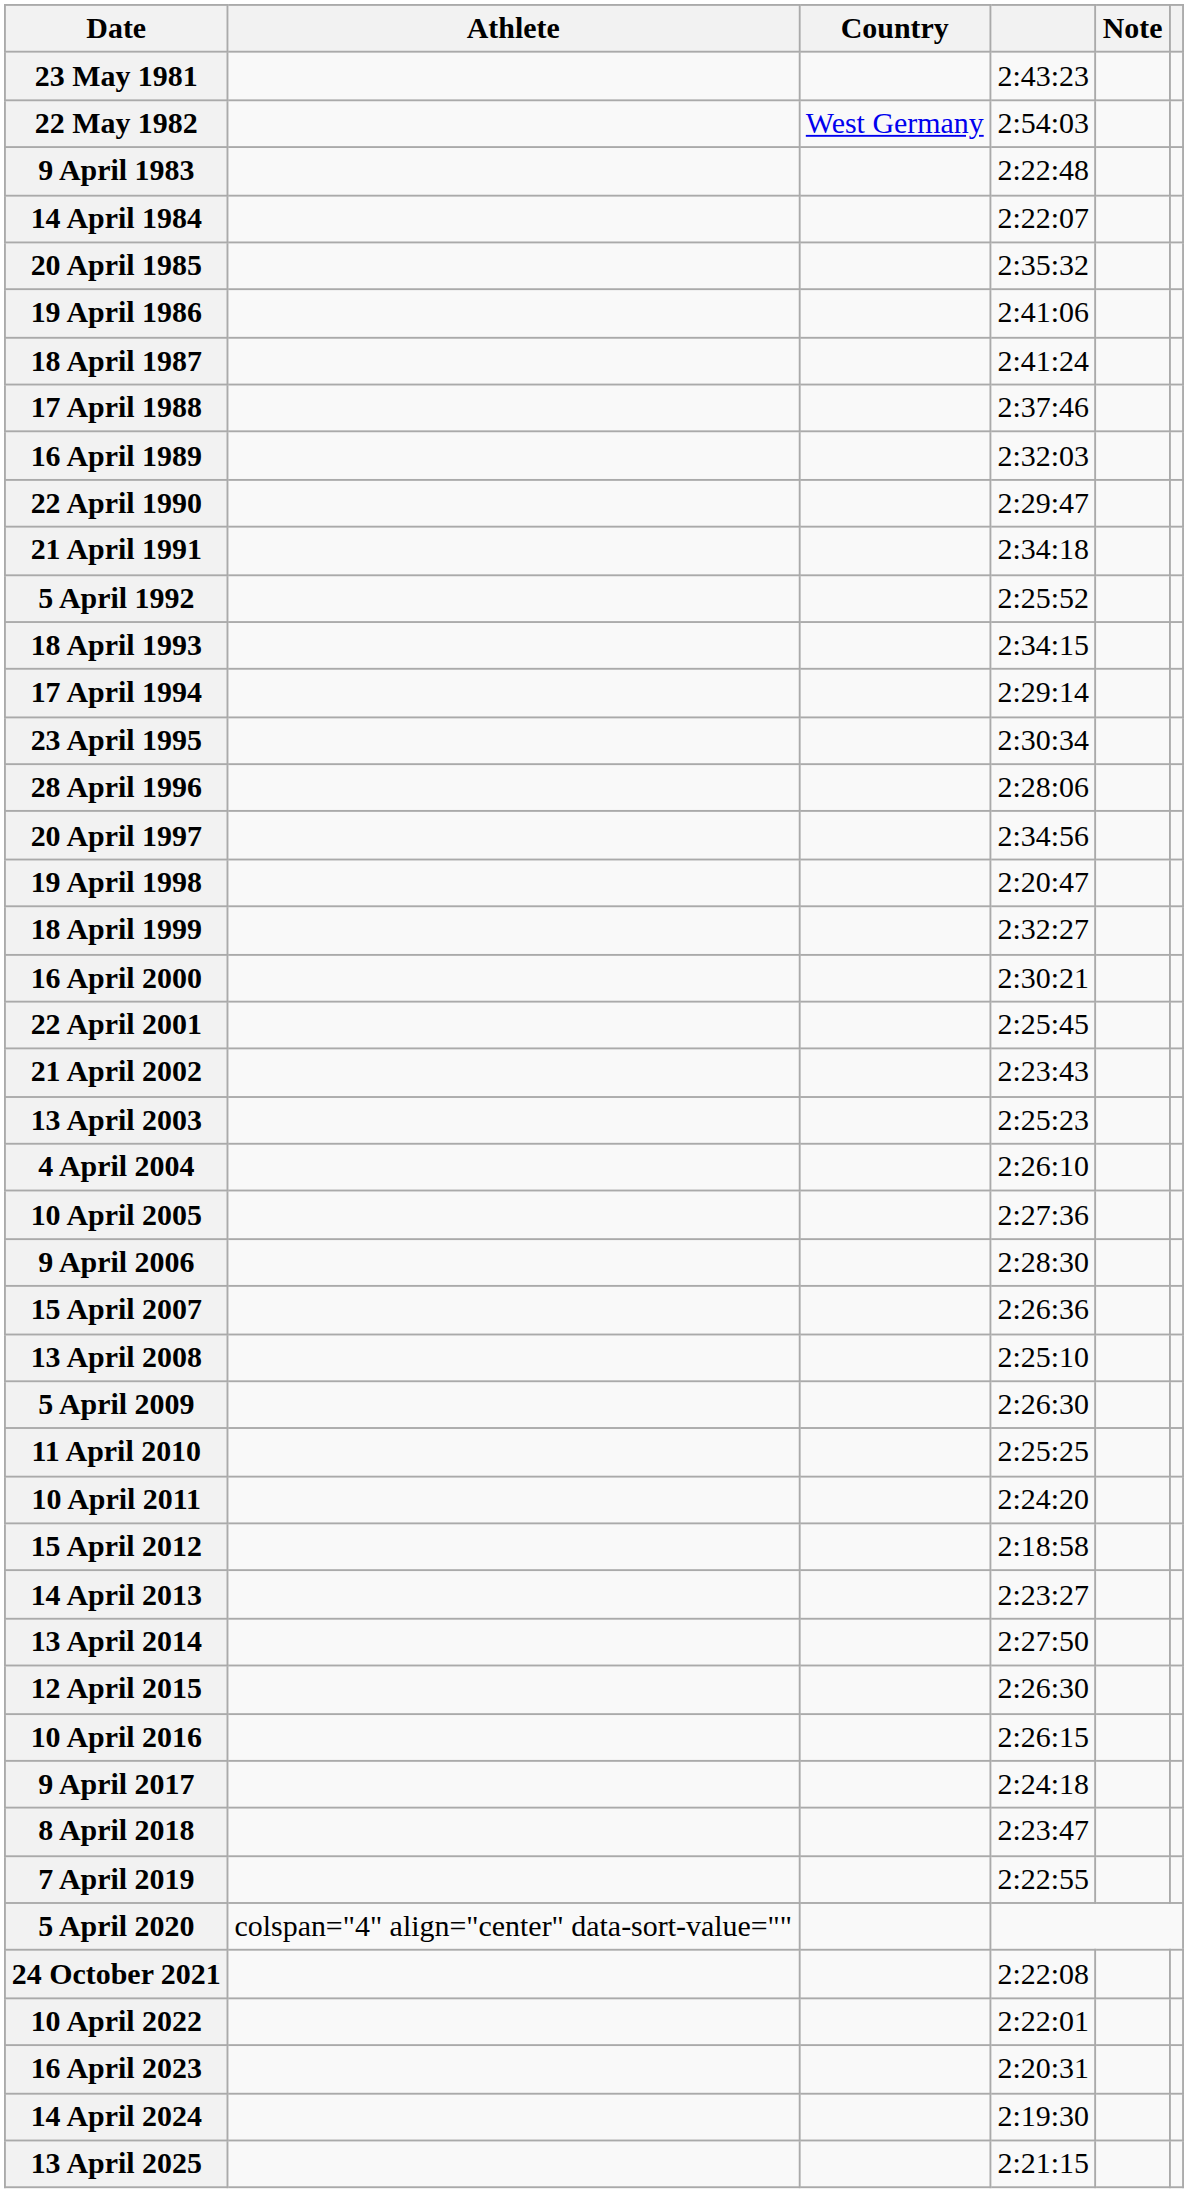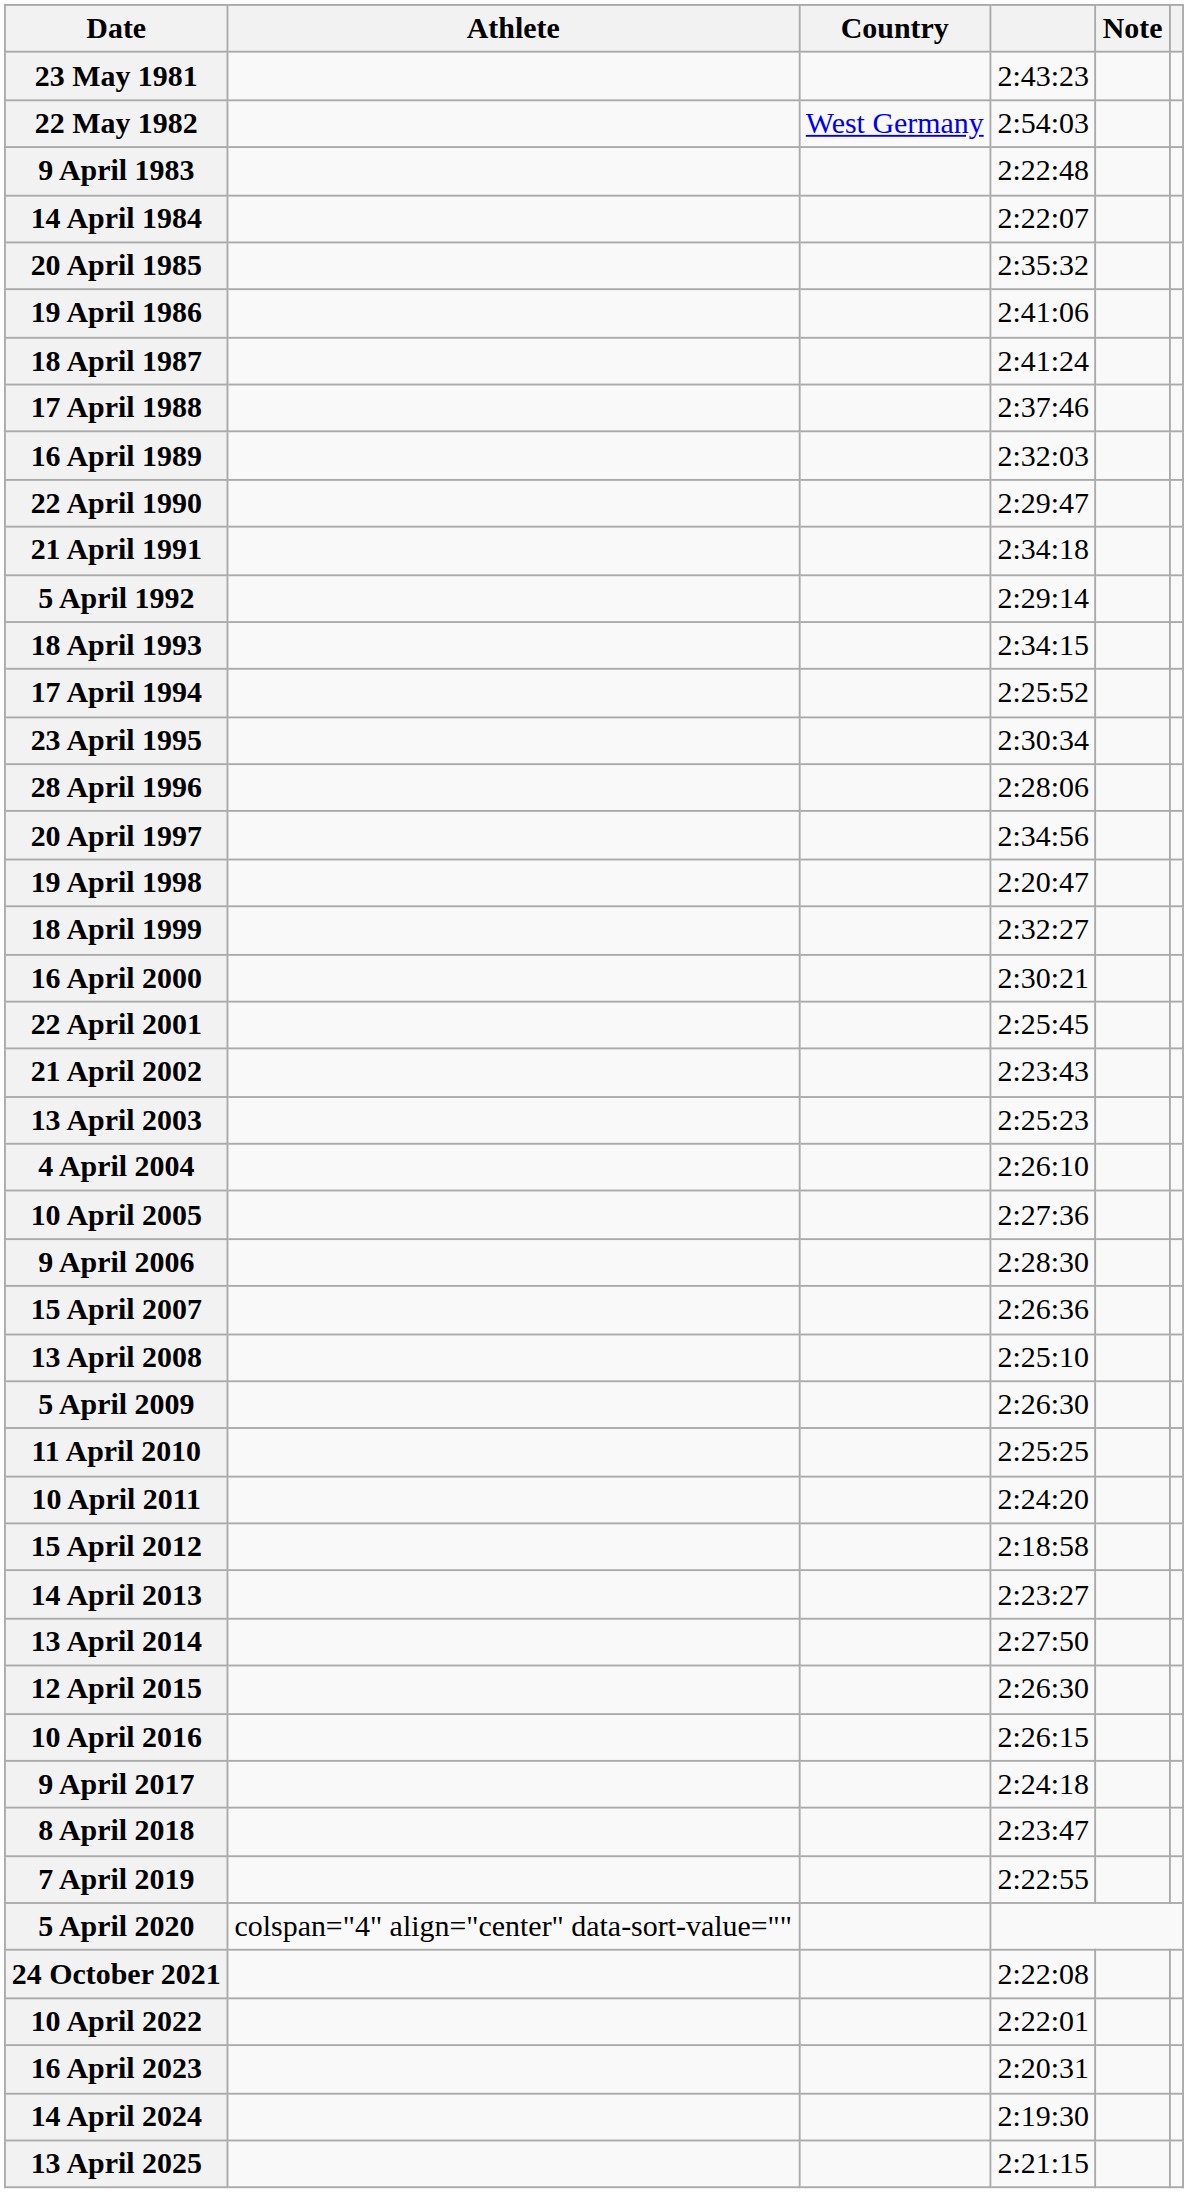 <table class="wikitable sortable plainrowheaders">
 <tr>
 <th scope="col">Date</th>
 <th scope="col">Athlete</th>
 <th scope="col">Country</th>
 <th scope="col"></th>
 <th scope="col">Note</th>
 <th scope="col" class="unsortable"></th>
 </tr>
 <tr>
 <th scope="row">23 May 1981</th>
 <td></td>
 <td></td>
 <td>2:43:23</td>
 <td style="text-align:center;"><a href='#'></a></td>
 <td style="text-align:center;"></td>
 </tr>
 <tr>
 <th scope="row">22 May 1982</th>
 <td></td>
 <td> <a href='#'>West Germany</a></td>
 <td>2:54:03</td>
 <td></td>
 <td style="text-align:center;"></td>
 </tr>
 <tr>
 <th scope="row">9 April 1983</th>
 <td></td>
 <td></td>
 <td>2:22:48</td>
 <td style="text-align:center;"><a href='#'></a></td>
 <td style="text-align:center;"></td>
 </tr>
 <tr>
 <th scope="row">14 April 1984</th>
 <td></td>
 <td></td>
 <td>2:22:07</td>
 <td></td>
 <td style="text-align:center;"></td>
 </tr>
 <tr>
 <th scope="row">20 April 1985</th>
 <td></td>
 <td></td>
 <td>2:35:32</td>
 <td></td>
 <td style="text-align:center;"></td>
 </tr>
 <tr>
 <th scope="row">19 April 1986</th>
 <td></td>
 <td></td>
 <td>2:41:06</td>
 <td></td>
 <td style="text-align:center;"></td>
 </tr>
 <tr>
 <th scope="row">18 April 1987</th>
 <td></td>
 <td></td>
 <td>2:41:24</td>
 <td></td>
 <td style="text-align:center;"></td>
 </tr>
 <tr>
 <th scope="row">17 April 1988</th>
 <td></td>
 <td></td>
 <td>2:37:46</td>
 <td></td>
 <td style="text-align:center;"></td>
 </tr>
 <tr>
 <th scope="row">16 April 1989</th>
 <td></td>
 <td></td>
 <td>2:32:03</td>
 <td style="text-align:center;"><a href='#'></a></td>
 <td style="text-align:center;"></td>
 </tr>
 <tr>
 <th scope="row">22 April 1990</th>
 <td></td>
 <td></td>
 <td>2:29:47</td>
 <td style="text-align:center;"><a href='#'></a></td>
 <td style="text-align:center;"></td>
 </tr>
 <tr>
 <th scope="row">21 April 1991</th>
 <td></td>
 <td></td>
 <td>2:34:18</td>
 <td></td>
 <td style="text-align:center;"></td>
 </tr>
 <tr>
 <th scope="row">5 April 1992</th>
 <td></td>
 <td></td>
-<td>2:25:52</td>
+<td>2:29:14</td>
 <td style="text-align:center;"><a href='#'></a></td>
 <td style="text-align:center;"></td>
 </tr>
 <tr>
 <th scope="row">18 April 1993</th>
 <td></td>
 <td></td>
 <td>2:34:15</td>
 <td></td>
 <td style="text-align:center;"></td>
 </tr>
 <tr>
 <th scope="row">17 April 1994</th>
 <td></td>
 <td></td>
-<td>2:29:14</td>
+<td>2:25:52</td>
 <td style="text-align:center;"><a href='#'></a></td>
 <td style="text-align:center;"></td>
 </tr>
 <tr>
 <th scope="row">23 April 1995</th>
 <td></td>
 <td></td>
 <td>2:30:34</td>
 <td></td>
 <td style="text-align:center;"></td>
 </tr>
 <tr>
 <th scope="row">28 April 1996</th>
 <td></td>
 <td></td>
 <td>2:28:06</td>
 <td></td>
 <td style="text-align:center;"></td>
 </tr>
 <tr>
 <th scope="row">20 April 1997</th>
 <td></td>
 <td></td>
 <td>2:34:56</td>
 <td style="text-align:center;"><a href='#'></a></td>
 <td style="text-align:center;"></td>
 </tr>
 <tr>
 <th scope="row">19 April 1998</th>
 <td></td>
 <td></td>
 <td>2:20:47</td>
 <td style="text-align:center;"></td>
 <td style="text-align:center;"></td>
 </tr>
 <tr>
 <th scope="row">18 April 1999</th>
 <td></td>
 <td></td>
 <td>2:32:27</td>
 <td></td>
 <td style="text-align:center;"></td>
 </tr>
 <tr>
 <th scope="row">16 April 2000</th>
 <td></td>
 <td></td>
 <td>2:30:21</td>
 <td></td>
 <td style="text-align:center;"></td>
 </tr>
 <tr>
 <th scope="row">22 April 2001</th>
 <td></td>
 <td></td>
 <td>2:25:45</td>
 <td></td>
 <td style="text-align:center;"></td>
 </tr>
 <tr>
 <th scope="row">21 April 2002</th>
 <td></td>
 <td></td>
 <td>2:23:43</td>
 <td></td>
 <td style="text-align:center;"></td>
 </tr>
 <tr>
 <th scope="row">13 April 2003</th>
 <td></td>
 <td></td>
 <td>2:25:23</td>
 <td></td>
 <td style="text-align:center;"></td>
 </tr>
 <tr>
 <th scope="row">4 April 2004</th>
 <td></td>
 <td></td>
 <td>2:26:10</td>
 <td></td>
 <td style="text-align:center;"></td>
 </tr>
 <tr>
 <th scope="row">10 April 2005</th>
 <td></td>
 <td></td>
 <td>2:27:36</td>
 <td></td>
 <td style="text-align:center;"></td>
 </tr>
 <tr>
 <th scope="row">9 April 2006</th>
 <td></td>
 <td></td>
 <td>2:28:30</td>
 <td></td>
 <td style="text-align:center;"></td>
 </tr>
 <tr>
 <th scope="row">15 April 2007</th>
 <td></td>
 <td></td>
 <td>2:26:36</td>
 <td></td>
 <td style="text-align:center;"></td>
 </tr>
 <tr>
 <th scope="row">13 April 2008</th>
 <td></td>
 <td></td>
 <td>2:25:10</td>
 <td></td>
 <td style="text-align:center;"></td>
 </tr>
 <tr>
 <th scope="row">5 April 2009</th>
 <td></td>
 <td></td>
 <td>2:26:30</td>
 <td></td>
 <td style="text-align:center;"></td>
 </tr>
 <tr>
 <th scope="row">11 April 2010</th>
 <td></td>
 <td></td>
 <td>2:25:25</td>
 <td></td>
 <td style="text-align:center;"></td>
 </tr>
 <tr>
 <th scope="row">10 April 2011</th>
 <td></td>
 <td></td>
 <td>2:24:20</td>
 <td></td>
 <td style="text-align:center;"></td>
 </tr>
 <tr>
 <th scope="row">15 April 2012</th>
 <td></td>
 <td></td>
 <td>2:18:58</td>
 <td style="text-align:center;"><a href='#'></a></td>
 <td style="text-align:center;"></td>
 </tr>
 <tr>
 <th scope="row">14 April 2013</th>
 <td></td>
 <td></td>
 <td>2:23:27</td>
 <td></td>
 <td style="text-align:center;"></td>
 </tr>
 <tr>
 <th scope="row">13 April 2014</th>
 <td></td>
 <td></td>
 <td>2:27:50</td>
 <td></td>
 <td style="text-align:center;"></td>
 </tr>
 <tr>
 <th scope="row">12 April 2015</th>
 <td></td>
 <td></td>
 <td>2:26:30</td>
 <td></td>
 <td style="text-align:center;"></td>
 </tr>
 <tr>
 <th scope="row">10 April 2016</th>
 <td></td>
 <td></td>
 <td>2:26:15</td>
 <td></td>
 <td style="text-align:center;"></td>
 </tr>
 <tr>
 <th scope="row">9 April 2017</th>
 <td></td>
 <td></td>
 <td>2:24:18</td>
 <td></td>
 <td style="text-align:center;"></td>
 </tr>
 <tr>
 <th scope="row">8 April 2018</th>
 <td></td>
 <td></td>
 <td>2:23:47</td>
 <td></td>
 <td style="text-align:center;"></td>
 </tr>
 <tr>
 <th scope="row">7 April 2019</th>
 <td></td>
 <td></td>
 <td>2:22:55</td>
 <td></td>
 <td style="text-align:center;"></td>
 </tr>
 <tr>
 <th scope="row">5 April 2020</th>
 <td>colspan="4" align="center" data-sort-value="" </td>
 <td style="text-align:center;"></td>
 </tr>
 <tr>
 <th scope="row">24 October 2021</th>
 <td></td>
 <td></td>
 <td>2:22:08</td>
 <td></td>
 <td style="text-align:center;"></td>
 </tr>
 <tr>
 <th scope="row">10 April 2022</th>
 <td></td>
 <td></td>
 <td>2:22:01</td>
 <td></td>
 <td style="text-align:center;"></td>
 </tr>
 <tr>
 <th scope="row">16 April 2023</th>
 <td></td>
 <td></td>
 <td>2:20:31</td>
 <td></td>
 <td style="text-align:center;"></td>
 </tr>
 <tr>
 <th scope="row">14 April 2024</th>
 <td></td>
 <td></td>
 <td>2:19:30</td>
 <td></td>
 <td style="text-align:center;"></td>
 </tr>
 <tr>
 <th scope="row">13 April 2025</th>
 <td></td>
 <td></td>
 <td>2:21:15</td>
 <td></td>
 <td style="text-align:center"></td>
 </tr>
 </table>
